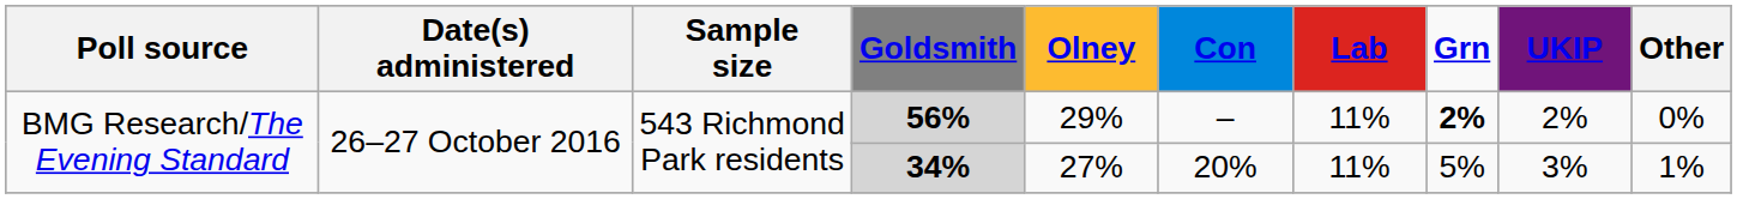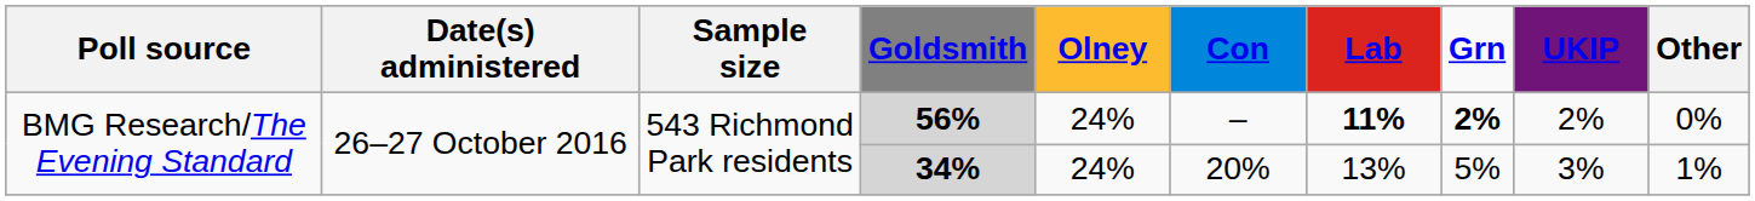 <table class="wikitable" style="text-align:center;">
 <tr>
 <th style="width:150px;">Poll source</th>
 <th style="width:150px;">Date(s)<br> administered</th>
 <th>Sample<br>size</th>
 <td style="background:gray; width:60px;"><strong><a href='#'><span> Goldsmith</span></a></strong></td>
 <td style="background:#fdbb30; width:60px;"><strong><a href='#'><span> Olney</span></a><br></strong></td>
 <td style="background:#0087dc; width:60px;"><strong><a href='#'><span>Con<br></span></a></strong></td>
 <td style="background:#dc241f; width:60px;"><strong><a href='#'><span>Lab<br></span></a></strong></td>
 <td style="background:"><strong><a href='#'><span>Grn</span></a></strong></td>
 <td style="background:#70147a; width:60px;"><strong><a href='#'><span>UKIP</span></a></strong></td>
 <th>Other</th>
 </tr>
 <tr>
 <td rowspan=2>BMG Research/<em><a href='#'>The Evening Standard</a></em></td>
 <td rowspan="2" style="text-align:center;">26–27 October 2016</td>
 <td rowspan="2" style="text-align:center;">543 Richmond <br> Park residents</td>
 <td style="background:#D5D5D5"><strong>56%</strong></td>
-<td align=center>29%</td>
+<td align=center>24%</td>
 <td align=center>–</td>
-<td align=center>11%</td>
+<td align=center><strong>11%</strong></td>
 <td align=center><strong>2%</strong></td>
 <td align=center>2%</td>
 <td align=center>0%</td>
 </tr>
 <tr>
 <td style="background:#D5D5D5"><strong>34%</strong></td>
-<td align=center>27%</td>
+<td align=center>24%</td>
 <td align=center>20%</td>
-<td align=center>11%</td>
+<td align=center>13%</td>
 <td align=center>5%</td>
 <td align=center>3%</td>
 <td align=center>1%</td>
 </tr>
 </table>
